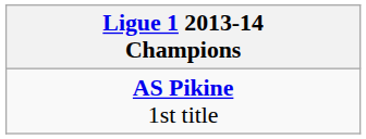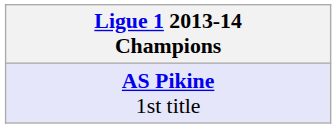 <table class="wikitable" style="margin: 0 auto; width: 240px;">
 <tr>
 <th><a href='#'>Ligue 1</a> 2013-14<br>Champions</th>
 </tr>
 <tr>
-<td align=center><strong><a href='#'>AS Pikine</a></strong><br>1st title</td>
+<td align=center style="background: lavender;"><strong><a href='#'>AS Pikine</a></strong><br>1st title</td>
 </tr>
 </table>
